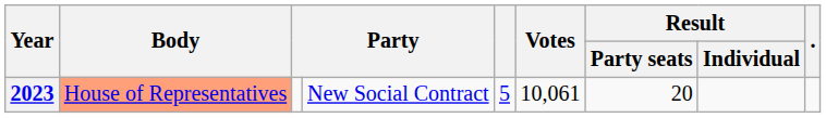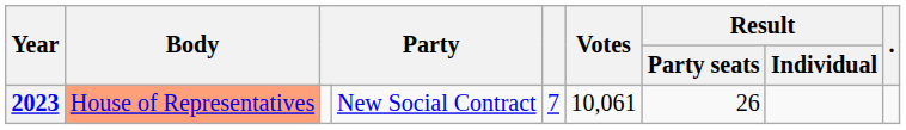 <table class="wikitable plainrowheaders sortable" border=2 cellpadding=4 cellspacing=0 style="border: 1px #aaa solid; font-size: 90%; text-align:center;">
 <tr>
 <th scope="col" rowspan=2>Year</th>
 <th scope="col" rowspan=2>Body</th>
 <th scope="col" colspan=2 rowspan=2>Party</th>
 <th scope="col" rowspan=2></th>
 <th scope="col" rowspan=2>Votes</th>
 <th scope="colgroup" colspan=2>Result</th>
 <th scope="col" rowspan=2 class="unsortable">.</th>
 </tr>
 <tr>
 <th scope="col">Party seats</th>
 <th scope="col">Individual</th>
 </tr>
 <tr>
 <th scope="row"><a href='#'>2023</a></th>
 <td style="background: lightsalmon;"><a href='#'>House of Representatives</a></td>
 <td style="background-color:"></td>
 <td><a href='#'>New Social Contract</a></td>
-<td style=text-align:right><a href='#'>5</a></td>
+<td style=text-align:right><a href='#'>7</a></td>
 <td style=text-align:right>10,061</td>
-<td style=text-align:right>20</td>
+<td style=text-align:right>26</td>
 <td></td>
 <td></td>
 </tr>
 </table>
